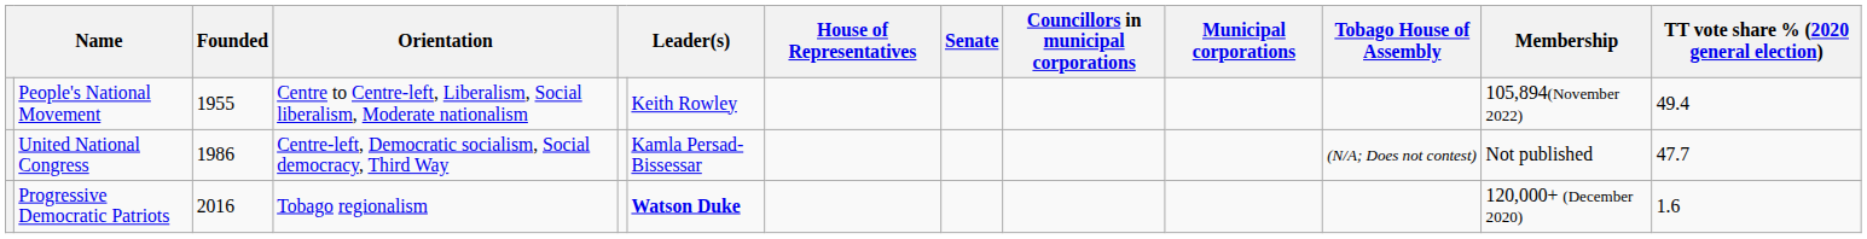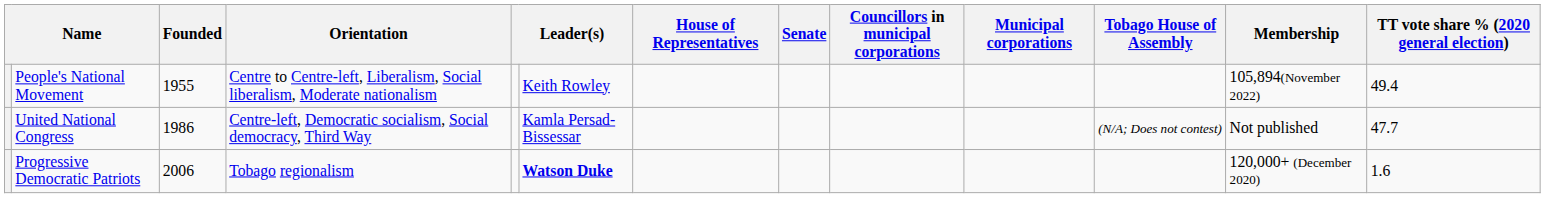 <table class="wikitable sortable" style="valign:top">
 <tr>
 <th colspan=2>Name</th>
 <th>Founded</th>
 <th>Orientation</th>
 <th colspan=2>Leader(s)</th>
 <th><a href='#'>House of Representatives</a></th>
 <th><a href='#'>Senate</a></th>
 <th><a href='#'>Councillors</a> in <a href='#'>municipal <br> corporations</a></th>
 <th><a href='#'>Municipal corporations</a></th>
 <th><a href='#'>Tobago House of Assembly</a></th>
 <th>Membership</th>
 <th>TT vote share % (<a href='#'>2020 general election</a>)</th>
 </tr>
 <tr>
 <th style="background-color: "></th>
 <td><a href='#'>People's National Movement</a></td>
 <td>1955</td>
 <td><a href='#'>Centre</a> to <a href='#'>Centre-left</a>, <a href='#'>Liberalism</a>, <a href='#'>Social liberalism</a>, <a href='#'>Moderate nationalism</a></td>
 <td></td>
 <td><a href='#'>Keith Rowley</a></td>
 <td></td>
 <td></td>
 <td></td>
 <td></td>
 <td></td>
 <td>105,894<small>(November 2022)</small></td>
 <td>49.4</td>
 </tr>
 <tr>
 <th style="background-color: "></th>
 <td><a href='#'>United National Congress</a></td>
 <td>1986</td>
 <td><a href='#'>Centre-left</a>, <a href='#'>Democratic socialism</a>, <a href='#'>Social democracy</a>, <a href='#'>Third Way</a></td>
 <td></td>
 <td><a href='#'>Kamla Persad-Bissessar</a></td>
 <td></td>
 <td></td>
 <td></td>
 <td></td>
 <td><small><em>(N/A; Does not contest)</em></small></td>
 <td>Not published</td>
 <td>47.7</td>
 </tr>
 <tr>
 <th style="background-color: "></th>
 <td><a href='#'>Progressive Democratic Patriots</a></td>
-<td>2016</td>
+<td>2006</td>
 <td><a href='#'>Tobago</a> <a href='#'>regionalism</a></td>
 <td></td>
 <td><strong><a href='#'>Watson Duke</a></strong></td>
 <td></td>
 <td></td>
 <td></td>
 <td></td>
 <td></td>
 <td>120,000+ <small>(December 2020)</small></td>
 <td>1.6</td>
 </tr>
 </table>
